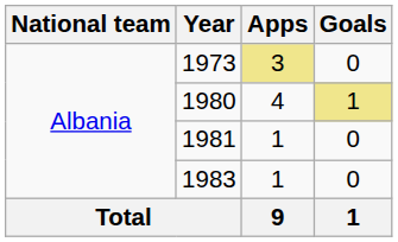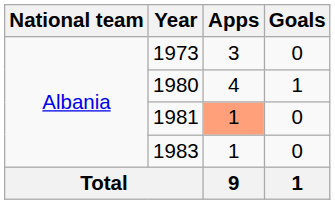 <table class="wikitable" style="text-align:center">
 <tr>
 <th>National team</th>
 <th>Year</th>
 <th>Apps</th>
 <th>Goals</th>
 </tr>
 <tr>
 <td rowspan="4"><a href='#'>Albania</a></td>
 <td>1973</td>
-<td style="background: khaki;">3</td>
+<td>3</td>
 <td>0</td>
 </tr>
 <tr>
 <td>1980</td>
 <td>4</td>
-<td style="background: khaki;">1</td>
+<td>1</td>
 </tr>
 <tr>
 <td>1981</td>
-<td>1</td>
+<td style="background: lightsalmon;">1</td>
 <td>0</td>
 </tr>
 <tr>
 <td>1983</td>
 <td>1</td>
 <td>0</td>
 </tr>
 <tr>
 <th colspan="2">Total</th>
 <th>9</th>
 <th>1</th>
 </tr>
 </table>
